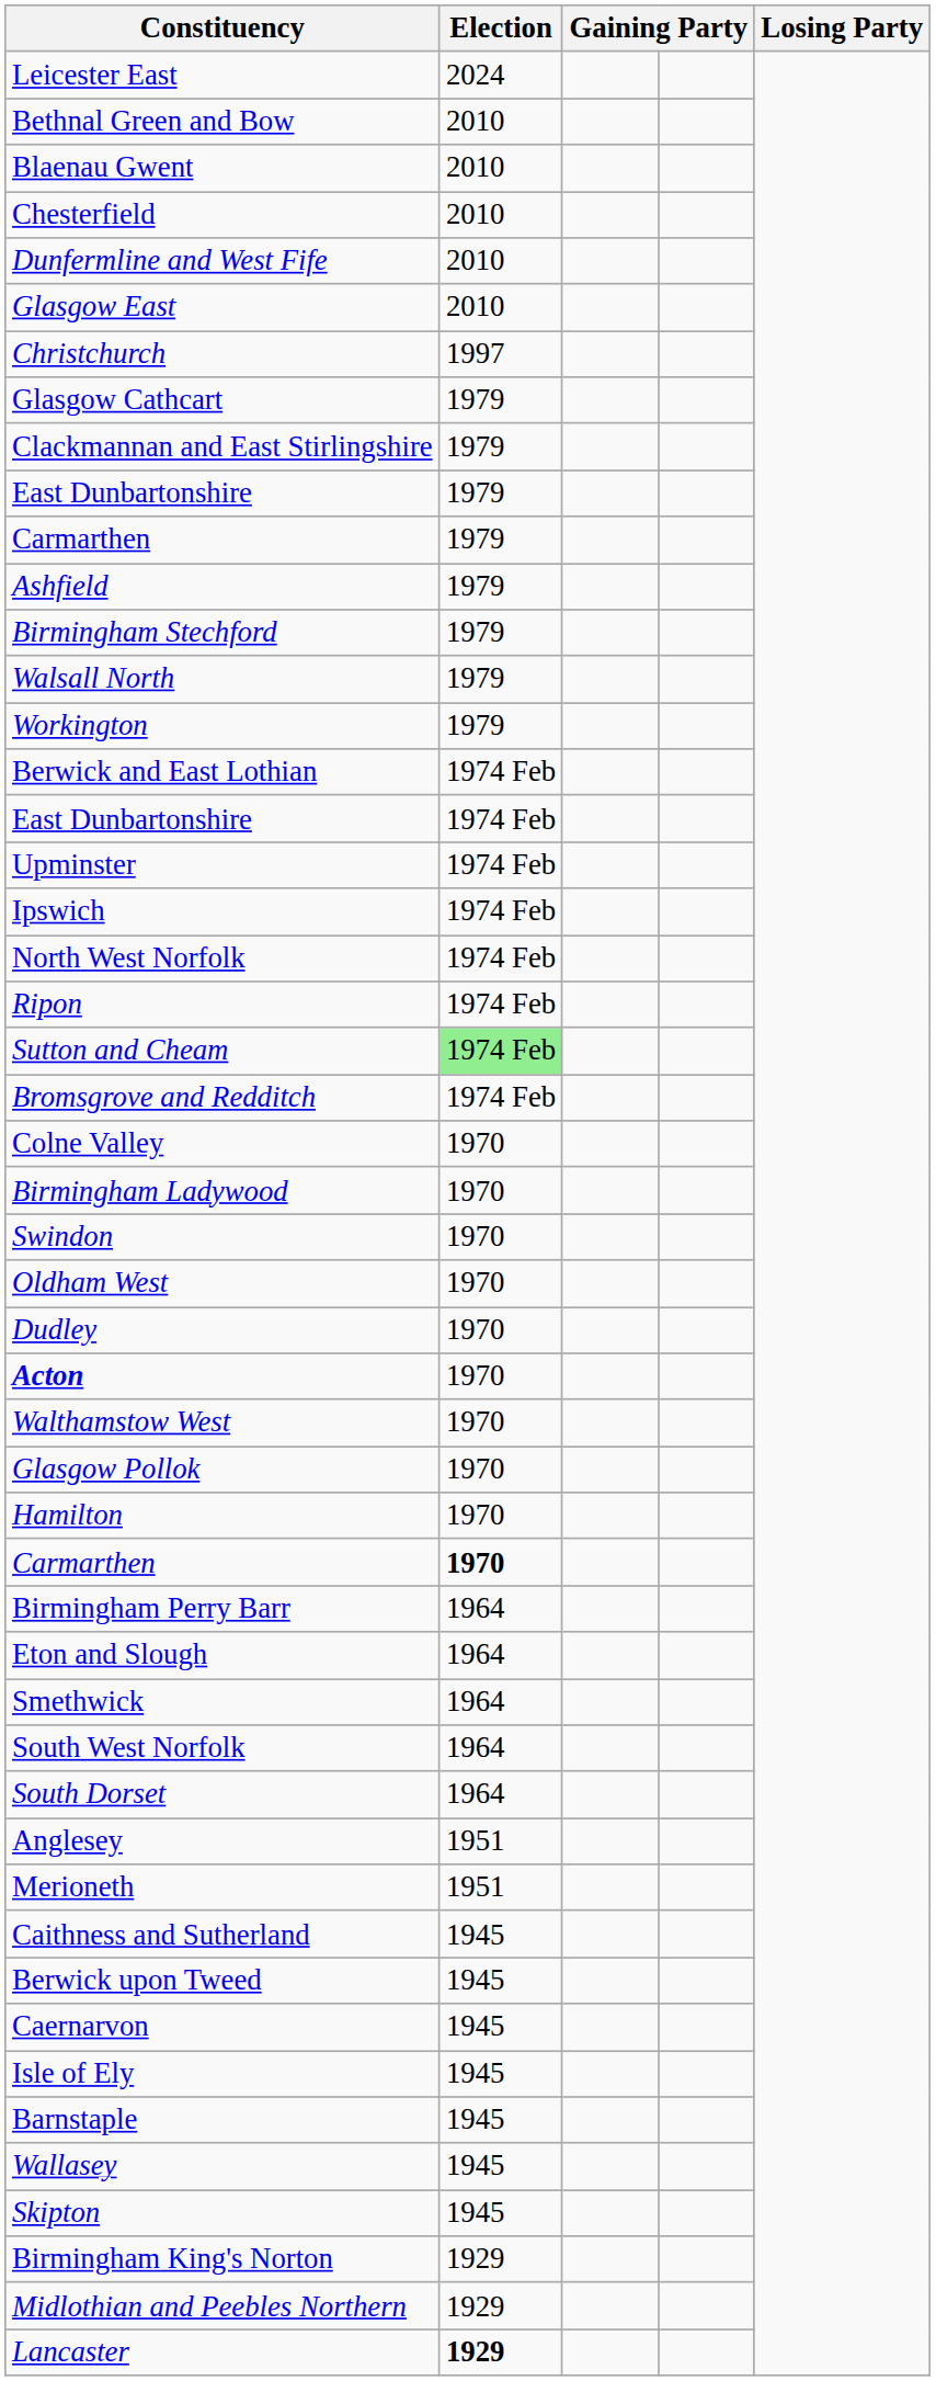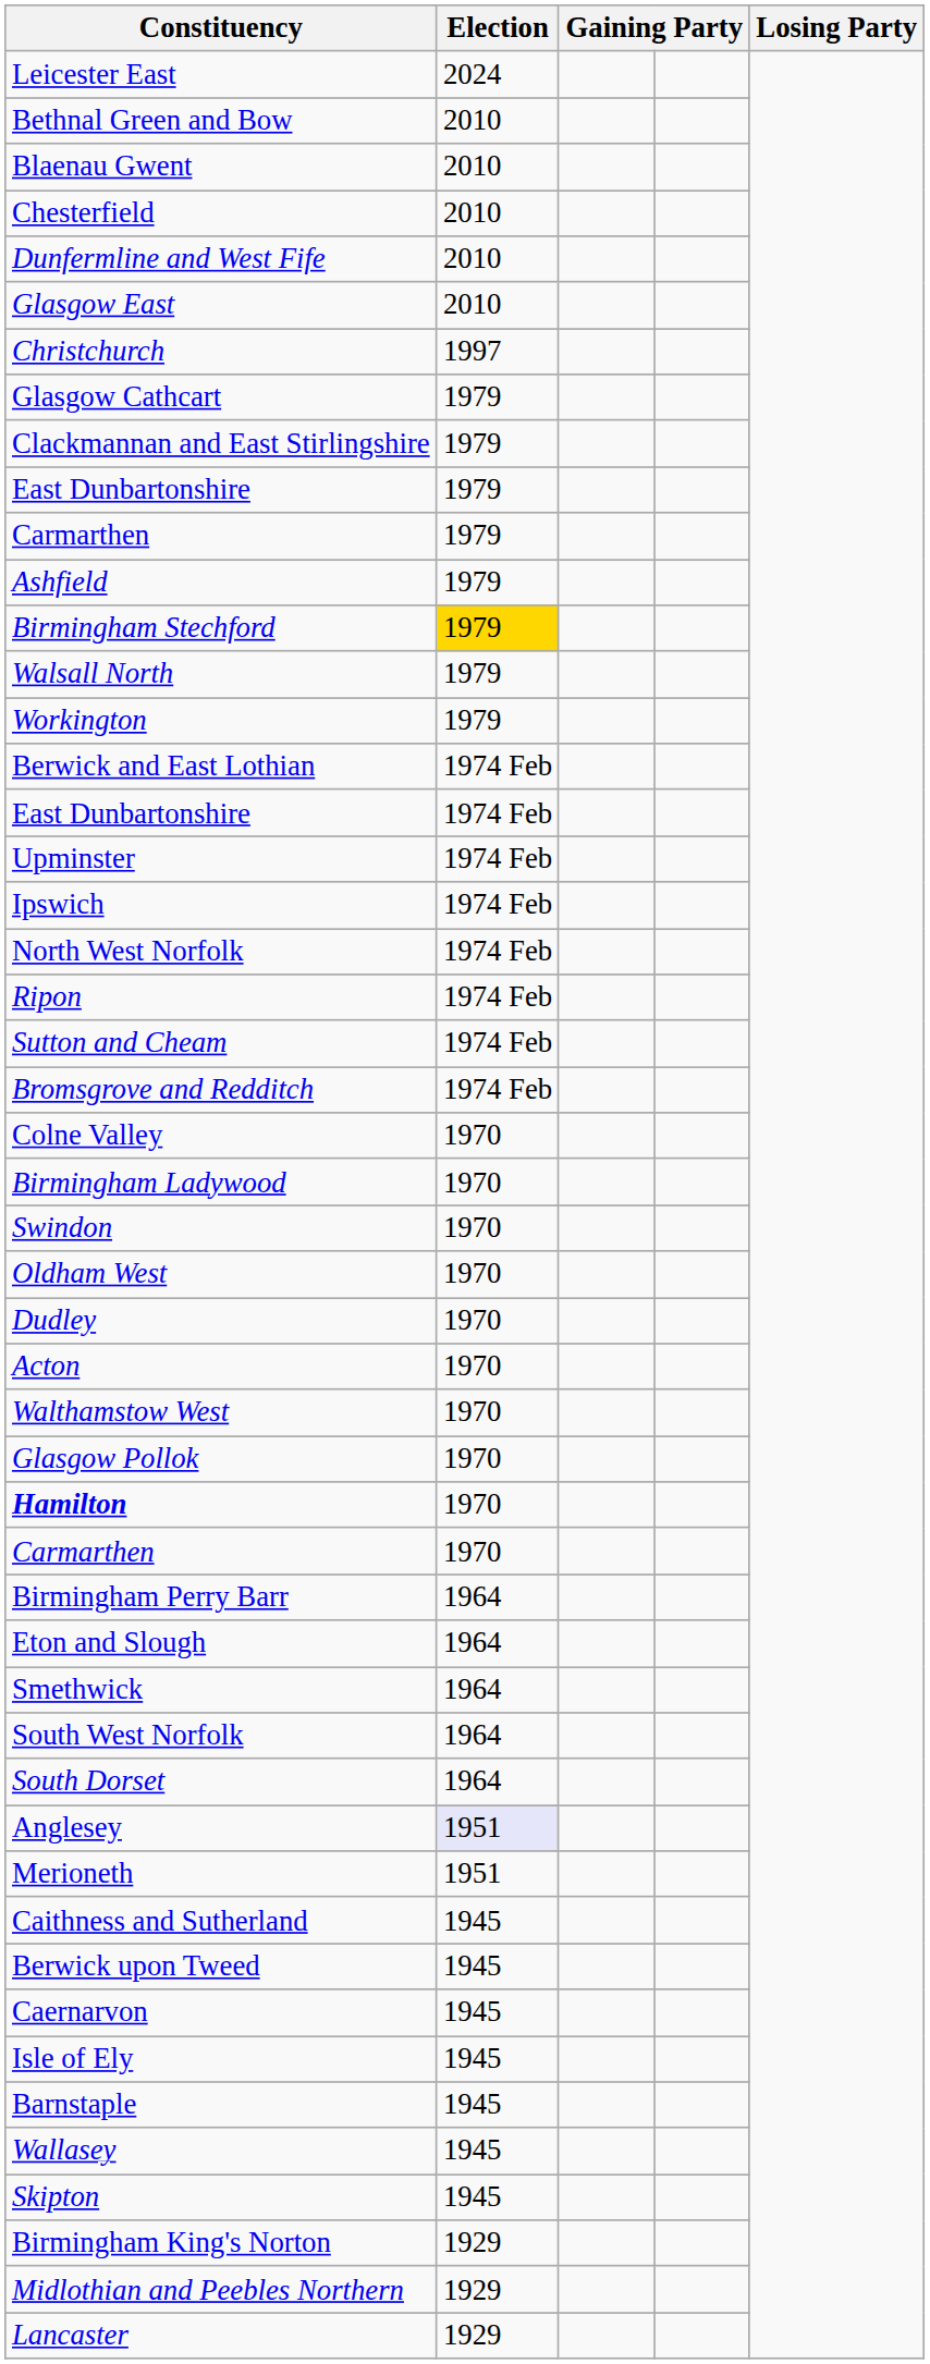 <table class="wikitable sortable">
 <tr>
 <th>Constituency</th>
 <th>Election</th>
 <th colspan="2">Gaining Party</th>
 <th colspan="2">Losing Party</th>
 </tr>
 <tr>
 <td><a href='#'>Leicester East</a></td>
 <td>2024</td>
 <td></td>
 <td></td>
 </tr>
 <tr>
 <td><a href='#'>Bethnal Green and Bow</a></td>
 <td>2010</td>
 <td></td>
 <td></td>
 </tr>
 <tr>
 <td><a href='#'>Blaenau Gwent</a></td>
 <td>2010</td>
 <td></td>
 <td></td>
 </tr>
 <tr>
 <td><a href='#'>Chesterfield</a></td>
 <td>2010</td>
 <td></td>
 <td></td>
 </tr>
 <tr>
 <td><a href='#'><em>Dunfermline and West Fife</em></a></td>
 <td>2010</td>
 <td></td>
 <td></td>
 </tr>
 <tr>
 <td><a href='#'><em>Glasgow East</em></a></td>
 <td>2010</td>
 <td></td>
 <td></td>
 </tr>
 <tr>
 <td><a href='#'><em>Christchurch</em></a></td>
 <td>1997</td>
 <td></td>
 <td></td>
 </tr>
 <tr>
 <td><a href='#'>Glasgow Cathcart</a></td>
 <td>1979</td>
 <td></td>
 <td></td>
 </tr>
 <tr>
 <td><a href='#'>Clackmannan and East Stirlingshire</a></td>
 <td>1979</td>
 <td></td>
 <td></td>
 </tr>
 <tr>
 <td><a href='#'>East Dunbartonshire</a></td>
 <td>1979</td>
 <td></td>
 <td></td>
 </tr>
 <tr>
 <td><a href='#'>Carmarthen</a></td>
 <td>1979</td>
 <td></td>
 <td></td>
 </tr>
 <tr>
 <td><a href='#'><em>Ashfield</em></a></td>
 <td>1979</td>
 <td></td>
 <td></td>
 </tr>
 <tr>
 <td><a href='#'><em>Birmingham Stechford</em></a></td>
-<td>1979</td>
+<td style="background: gold;">1979</td>
 <td></td>
 <td></td>
 </tr>
 <tr>
 <td><a href='#'><em>Walsall North</em></a></td>
 <td>1979</td>
 <td></td>
 <td></td>
 </tr>
 <tr>
 <td><a href='#'><em>Workington</em></a></td>
 <td>1979</td>
 <td></td>
 <td></td>
 </tr>
 <tr>
 <td><a href='#'>Berwick and East Lothian</a></td>
 <td>1974 Feb</td>
 <td></td>
 <td></td>
 </tr>
 <tr>
 <td><a href='#'>East Dunbartonshire</a></td>
 <td>1974 Feb</td>
 <td></td>
 <td></td>
 </tr>
 <tr>
 <td><a href='#'>Upminster</a></td>
 <td>1974 Feb</td>
 <td></td>
 <td></td>
 </tr>
 <tr>
 <td><a href='#'>Ipswich</a></td>
 <td>1974 Feb</td>
 <td></td>
 <td></td>
 </tr>
 <tr>
 <td><a href='#'>North West Norfolk</a></td>
 <td>1974 Feb</td>
 <td></td>
 <td></td>
 </tr>
 <tr>
 <td><a href='#'><em>Ripon</em></a></td>
 <td>1974 Feb</td>
 <td></td>
 <td></td>
 </tr>
 <tr>
 <td><a href='#'><em>Sutton and Cheam</em></a></td>
-<td style="background: lightgreen;">1974 Feb</td>
+<td>1974 Feb</td>
 <td></td>
 <td></td>
 </tr>
 <tr>
 <td><a href='#'><em>Bromsgrove and Redditch</em></a></td>
 <td>1974 Feb</td>
 <td></td>
 <td></td>
 </tr>
 <tr>
 <td><a href='#'>Colne Valley</a></td>
 <td>1970</td>
 <td></td>
 <td></td>
 </tr>
 <tr>
 <td><em><a href='#'>Birmingham Ladywood</a></em></td>
 <td>1970</td>
 <td></td>
 <td></td>
 </tr>
 <tr>
 <td><a href='#'><em>Swindon</em></a></td>
 <td>1970</td>
 <td></td>
 <td></td>
 </tr>
 <tr>
 <td><a href='#'><em>Oldham West</em></a></td>
 <td>1970</td>
 <td></td>
 <td></td>
 </tr>
 <tr>
 <td><a href='#'><em>Dudley</em></a></td>
 <td>1970</td>
 <td></td>
 <td></td>
 </tr>
 <tr>
-<td><strong><a href='#'><em>Acton</em></a></strong></td>
+<td><a href='#'><em>Acton</em></a></td>
 <td>1970</td>
 <td></td>
 <td></td>
 </tr>
 <tr>
 <td><a href='#'><em>Walthamstow West</em></a></td>
 <td>1970</td>
 <td></td>
 <td></td>
 </tr>
 <tr>
 <td><a href='#'><em>Glasgow Pollok</em></a></td>
 <td>1970</td>
 <td></td>
 <td></td>
 </tr>
 <tr>
-<td><a href='#'><em>Hamilton</em></a></td>
+<td><strong><a href='#'><em>Hamilton</em></a></strong></td>
 <td>1970</td>
 <td></td>
 <td></td>
 </tr>
 <tr>
 <td><a href='#'><em>Carmarthen</em></a></td>
-<td><strong>1970</strong></td>
+<td>1970</td>
 <td></td>
 <td></td>
 </tr>
 <tr>
 <td><a href='#'>Birmingham Perry Barr</a></td>
 <td>1964</td>
 <td></td>
 <td></td>
 </tr>
 <tr>
 <td><a href='#'>Eton and Slough</a></td>
 <td>1964</td>
 <td></td>
 <td></td>
 </tr>
 <tr>
 <td><a href='#'>Smethwick</a></td>
 <td>1964</td>
 <td></td>
 <td></td>
 </tr>
 <tr>
 <td><a href='#'>South West Norfolk</a></td>
 <td>1964</td>
 <td></td>
 <td></td>
 </tr>
 <tr>
 <td><a href='#'><em>South Dorset</em></a></td>
 <td>1964</td>
 <td></td>
 <td></td>
 </tr>
 <tr>
 <td><a href='#'>Anglesey</a></td>
-<td>1951</td>
+<td style="background: lavender;">1951</td>
 <td></td>
 <td></td>
 </tr>
 <tr>
 <td><a href='#'>Merioneth</a></td>
 <td>1951</td>
 <td></td>
 <td></td>
 </tr>
 <tr>
 <td><a href='#'>Caithness and Sutherland</a></td>
 <td>1945</td>
 <td></td>
 <td></td>
 </tr>
 <tr>
 <td><a href='#'>Berwick upon Tweed</a></td>
 <td>1945</td>
 <td></td>
 <td></td>
 </tr>
 <tr>
 <td><a href='#'>Caernarvon</a></td>
 <td>1945</td>
 <td></td>
 <td></td>
 </tr>
 <tr>
 <td><a href='#'>Isle of Ely</a></td>
 <td>1945</td>
 <td></td>
 <td></td>
 </tr>
 <tr>
 <td><a href='#'>Barnstaple</a></td>
 <td>1945</td>
 <td></td>
 <td></td>
 </tr>
 <tr>
 <td><a href='#'><em>Wallasey</em></a></td>
 <td>1945</td>
 <td></td>
 <td></td>
 </tr>
 <tr>
 <td><a href='#'><em>Skipton</em></a></td>
 <td>1945</td>
 <td></td>
 <td></td>
 </tr>
 <tr>
 <td><a href='#'>Birmingham King's Norton</a></td>
 <td>1929</td>
 <td></td>
 <td></td>
 </tr>
 <tr>
 <td><a href='#'><em>Midlothian and Peebles Northern</em></a></td>
 <td>1929</td>
 <td></td>
 <td></td>
 </tr>
 <tr>
 <td><a href='#'><em>Lancaster</em></a></td>
-<td><strong>1929</strong></td>
+<td>1929</td>
 <td></td>
 <td></td>
 </tr>
 </table>
